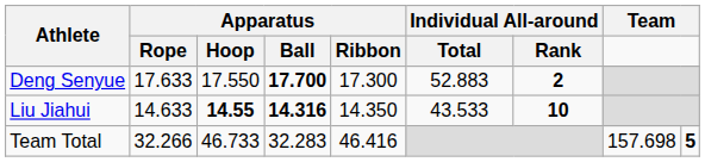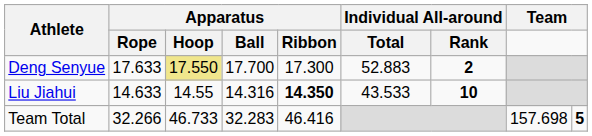 <table class="wikitable"style="text-align:left; font-size:90%">
 <tr>
 <th rowspan=2>Athlete</th>
 <th colspan=4>Apparatus</th>
 <th colspan=2>Individual All-around</th>
 <th colspan=2>Team</th>
 </tr>
 <tr>
 <th>Rope</th>
 <th>Hoop</th>
 <th>Ball</th>
 <th>Ribbon</th>
 <th>Total</th>
 <th>Rank</th>
 </tr>
 <tr>
 <td><a href='#'>Deng Senyue</a></td>
 <td style="text-align:center;">17.633</td>
-<td style="text-align:center;">17.550</td>
-<td style="text-align:center;"><strong>17.700</strong></td>
+<td style="background: khaki; text-align:center;">17.550</td>
+<td style="text-align:center;">17.700</td>
 <td style="text-align:center;">17.300</td>
 <td style="text-align:center;">52.883 <strong></strong></td>
 <td style="text-align:center;"><strong>2</strong></td>
 <td style="background:#dcdcdc;" colspan="2"></td>
 </tr>
 <tr>
 <td><a href='#'>Liu Jiahui</a></td>
 <td style="text-align:center;">14.633</td>
-<td style="text-align:center;"><strong>14.55</strong></td>
-<td style="text-align:center;"><strong>14.316</strong></td>
-<td style="text-align:center;">14.350</td>
+<td style="text-align:center;">14.55</td>
+<td style="text-align:center;">14.316</td>
+<td style="text-align:center;"><strong>14.350</strong></td>
 <td style="text-align:center;">43.533 <strong></strong></td>
 <td style="text-align:center;"><strong>10</strong></td>
 <td style="background:#dcdcdc;" colspan="2"></td>
 </tr>
 <tr>
 <td>Team Total</td>
 <td style="text-align:center;">32.266</td>
 <td style="text-align:center;">46.733</td>
 <td style="text-align:center;">32.283</td>
 <td style="text-align:center;">46.416</td>
 <td style="background:#dcdcdc;" colspan="2"></td>
 <td style="text-align:center;">157.698</td>
 <td style="text-align:center;"><strong>5</strong></td>
 </tr>
 </table>
